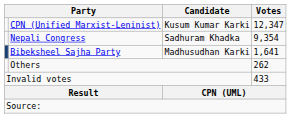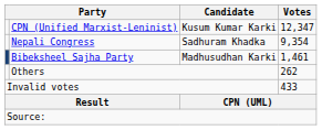 <table class="wikitable">
 <tr>
 <th colspan="2">Party</th>
 <th>Candidate</th>
 <th>Votes</th>
 </tr>
 <tr>
 <td style="background-color:"></td>
 <td><a href='#'>CPN (Unified Marxist-Leninist)</a></td>
 <td>Kusum Kumar Karki</td>
 <td>12,347</td>
 </tr>
 <tr>
 <td style="background-color:"></td>
 <td><a href='#'>Nepali Congress</a></td>
 <td>Sadhuram Khadka</td>
 <td>9,354</td>
 </tr>
 <tr>
 <td style="background-color:#183F73"></td>
 <td><a href='#'>Bibeksheel Sajha Party</a></td>
 <td>Madhusudhan Karki</td>
-<td>1,641</td>
+<td>1,461</td>
 </tr>
 <tr>
 <td></td>
 <td colspan="2">Others</td>
 <td>262</td>
 </tr>
 <tr>
 <td colspan="3">Invalid votes</td>
 <td>433</td>
 </tr>
 <tr>
 <th colspan="2">Result</th>
 <th colspan="2">CPN (UML)</th>
 </tr>
 <tr>
 <td colspan="4">Source: </td>
 </tr>
 </table>
